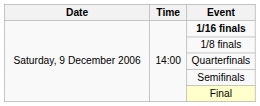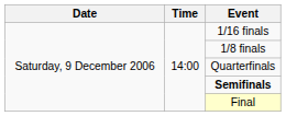 <table class = "wikitable" style="text-align:center;">
 <tr>
 <th width=220>Date</th>
 <th width=50>Time</th>
 <th width=100>Event</th>
 </tr>
 <tr>
 <td rowspan=5>Saturday, 9 December 2006</td>
 <td rowspan=5>14:00</td>
-<td><strong>1/16 finals</strong></td>
+<td>1/16 finals</td>
 </tr>
 <tr>
 <td>1/8 finals</td>
 </tr>
 <tr>
 <td>Quarterfinals</td>
 </tr>
 <tr>
-<td>Semifinals</td>
+<td><strong>Semifinals</strong></td>
 </tr>
 <tr>
 <td bgcolor=ffffcc>Final</td>
 </tr>
 </table>
